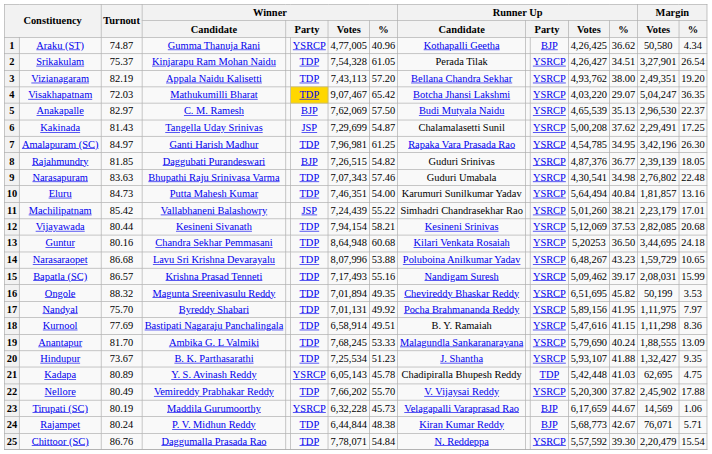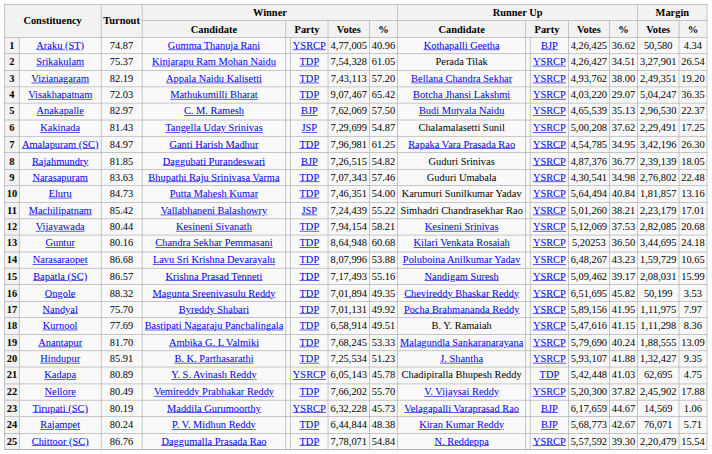 <table class="wikitable sortable" style="text-align:center;">
 <tr>
 <th colspan="2" rowspan="2">Constituency</th>
 <th rowspan="2">Turnout</th>
 <th colspan="5">Winner</th>
 <th colspan="5">Runner Up</th>
 <th colspan="2">Margin</th>
 </tr>
 <tr>
 <th>Candidate</th>
 <th colspan="2">Party</th>
 <th>Votes</th>
 <th>%</th>
 <th>Candidate</th>
 <th colspan="2">Party</th>
 <th>Votes</th>
 <th>%</th>
 <th>Votes</th>
 <th>%</th>
 </tr>
 <tr>
 <th>1</th>
 <td><a href='#'>Araku (ST)</a></td>
 <td>74.87 </td>
 <td><a href='#'>Gumma Thanuja Rani</a></td>
 <td></td>
 <td><a href='#'>YSRCP</a></td>
 <td>4,77,005</td>
 <td>40.96</td>
 <td><a href='#'>Kothapalli Geetha</a></td>
 <td></td>
 <td><a href='#'>BJP</a></td>
 <td>4,26,425</td>
 <td>36.62</td>
 <td style="background:">50,580</td>
 <td style="background:">4.34</td>
 </tr>
 <tr>
 <th>2</th>
 <td><a href='#'>Srikakulam</a></td>
 <td>75.37 </td>
 <td><a href='#'>Kinjarapu Ram Mohan Naidu</a></td>
 <td></td>
 <td><a href='#'>TDP</a></td>
 <td>7,54,328</td>
 <td>61.05</td>
 <td>Perada Tilak</td>
 <td></td>
 <td><a href='#'>YSRCP</a></td>
 <td>4,26,427</td>
 <td>34.51</td>
 <td style="background:">3,27,901</td>
 <td style="background:">26.54</td>
 </tr>
 <tr>
 <th>3</th>
 <td><a href='#'>Vizianagaram</a></td>
 <td>82.19 </td>
 <td><a href='#'>Appala Naidu Kalisetti</a></td>
 <td></td>
 <td><a href='#'>TDP</a></td>
 <td>7,43,113</td>
 <td>57.20</td>
 <td><a href='#'>Bellana Chandra Sekhar</a></td>
 <td></td>
 <td><a href='#'>YSRCP</a></td>
 <td>4,93,762</td>
 <td>38.00</td>
 <td style="background:">2,49,351</td>
 <td style="background:">19.20</td>
 </tr>
 <tr>
 <th>4</th>
 <td><a href='#'>Visakhapatnam</a></td>
 <td>72.03 </td>
 <td><a href='#'>Mathukumilli Bharat</a></td>
 <td></td>
-<td style="background: gold;"><a href='#'>TDP</a></td>
+<td><a href='#'>TDP</a></td>
 <td>9,07,467</td>
 <td>65.42</td>
 <td><a href='#'>Botcha Jhansi Lakshmi</a></td>
 <td></td>
 <td><a href='#'>YSRCP</a></td>
 <td>4,03,220</td>
 <td>29.07</td>
 <td style="background:">5,04,247</td>
 <td style="background:">36.35</td>
 </tr>
 <tr>
 <th>5</th>
 <td><a href='#'>Anakapalle</a></td>
 <td>82.97 </td>
 <td><a href='#'>C. M. Ramesh</a></td>
 <td></td>
 <td><a href='#'>BJP</a></td>
 <td>7,62,069</td>
 <td>57.50</td>
 <td><a href='#'>Budi Mutyala Naidu</a></td>
 <td></td>
 <td><a href='#'>YSRCP</a></td>
 <td>4,65,539</td>
 <td>35.13</td>
 <td style="background:">2,96,530</td>
 <td style="background:">22.37</td>
 </tr>
 <tr>
 <th>6</th>
 <td><a href='#'>Kakinada</a></td>
 <td>81.43 </td>
 <td><a href='#'>Tangella Uday Srinivas</a></td>
 <td></td>
 <td><a href='#'>JSP</a></td>
 <td>7,29,699</td>
 <td>54.87</td>
 <td>Chalamalasetti Sunil</td>
 <td></td>
 <td><a href='#'>YSRCP</a></td>
 <td>5,00,208</td>
 <td>37.62</td>
 <td style="background:">2,29,491</td>
 <td style="background:">17.25</td>
 </tr>
 <tr>
 <th>7</th>
 <td><a href='#'>Amalapuram (SC)</a></td>
 <td>84.97 </td>
 <td><a href='#'>Ganti Harish Madhur</a></td>
 <td></td>
 <td><a href='#'>TDP</a></td>
 <td>7,96,981</td>
 <td>61.25</td>
 <td><a href='#'>Rapaka Vara Prasada Rao</a></td>
 <td></td>
 <td><a href='#'>YSRCP</a></td>
 <td>4,54,785</td>
 <td>34.95</td>
 <td style="background:">3,42,196</td>
 <td style="background:">26.30</td>
 </tr>
 <tr>
 <th>8</th>
 <td><a href='#'>Rajahmundry</a></td>
 <td>81.85 </td>
 <td><a href='#'>Daggubati Purandeswari</a></td>
 <td></td>
 <td><a href='#'>BJP</a></td>
 <td>7,26,515</td>
 <td>54.82</td>
 <td>Guduri Srinivas</td>
 <td></td>
 <td><a href='#'>YSRCP</a></td>
 <td>4,87,376</td>
 <td>36.77</td>
 <td style="background:">2,39,139</td>
 <td style="background:">18.05</td>
 </tr>
 <tr>
 <th>9</th>
 <td><a href='#'>Narasapuram</a></td>
 <td>83.63 </td>
 <td><a href='#'>Bhupathi Raju Srinivasa Varma</a></td>
 <td></td>
 <td><a href='#'>TDP</a></td>
 <td>7,07,343</td>
 <td>57.46</td>
 <td>Guduri Umabala</td>
 <td></td>
 <td><a href='#'>YSRCP</a></td>
 <td>4,30,541</td>
 <td>34.98</td>
 <td style="background:">2,76,802</td>
 <td style="background:">22.48</td>
 </tr>
 <tr>
 <th>10</th>
 <td><a href='#'>Eluru</a></td>
 <td>84.73 </td>
 <td><a href='#'>Putta Mahesh Kumar</a></td>
 <td></td>
 <td><a href='#'>TDP</a></td>
 <td>7,46,351</td>
 <td>54.00</td>
 <td>Karumuri Sunilkumar Yadav</td>
 <td></td>
 <td><a href='#'>YSRCP</a></td>
 <td>5,64,494</td>
 <td>40.84</td>
 <td style="background:">1,81,857</td>
 <td style="background:">13.16</td>
 </tr>
 <tr>
 <th>11</th>
 <td><a href='#'>Machilipatnam</a></td>
 <td>85.42 </td>
 <td><a href='#'>Vallabhaneni Balashowry</a></td>
 <td></td>
 <td><a href='#'>JSP</a></td>
 <td>7,24,439</td>
 <td>55.22</td>
 <td>Simhadri Chandrasekhar Rao</td>
 <td></td>
 <td><a href='#'>YSRCP</a></td>
 <td>5,01,260</td>
 <td>38.21</td>
 <td style="background:">2,23,179</td>
 <td style="background:">17.01</td>
 </tr>
 <tr>
 <th>12</th>
 <td><a href='#'>Vijayawada</a></td>
 <td>80.44 </td>
 <td><a href='#'>Kesineni Sivanath</a></td>
 <td></td>
 <td><a href='#'>TDP</a></td>
 <td>7,94,154</td>
 <td>58.21</td>
 <td><a href='#'>Kesineni Srinivas</a></td>
 <td></td>
 <td><a href='#'>YSRCP</a></td>
 <td>5,12,069</td>
 <td>37.53</td>
 <td style="background:">2,82,085</td>
 <td style="background:">20.68</td>
 </tr>
 <tr>
 <th>13</th>
 <td><a href='#'>Guntur</a></td>
 <td>80.16 </td>
 <td><a href='#'>Chandra Sekhar Pemmasani</a></td>
 <td></td>
 <td><a href='#'>TDP</a></td>
 <td>8,64,948</td>
 <td>60.68</td>
 <td><a href='#'>Kilari Venkata Rosaiah</a></td>
 <td></td>
 <td><a href='#'>YSRCP</a></td>
 <td>5,20253</td>
 <td>36.50</td>
 <td style="background:">3,44,695</td>
 <td style="background:">24.18</td>
 </tr>
 <tr>
 <th>14</th>
 <td><a href='#'>Narasaraopet</a></td>
 <td>86.68 </td>
 <td><a href='#'>Lavu Sri Krishna Devarayalu</a></td>
 <td></td>
 <td><a href='#'>TDP</a></td>
 <td>8,07,996</td>
 <td>53.88</td>
 <td><a href='#'>Poluboina Anilkumar Yadav</a></td>
 <td></td>
 <td><a href='#'>YSRCP</a></td>
 <td>6,48,267</td>
 <td>43.23</td>
 <td style="background:">1,59,729</td>
 <td style="background:">10.65</td>
 </tr>
 <tr>
 <th>15</th>
 <td><a href='#'>Bapatla (SC)</a></td>
 <td>86.57 </td>
 <td><a href='#'>Krishna Prasad Tenneti</a></td>
 <td></td>
 <td><a href='#'>TDP</a></td>
 <td>7,17,493</td>
 <td>55.16</td>
 <td><a href='#'>Nandigam Suresh</a></td>
 <td></td>
 <td><a href='#'>YSRCP</a></td>
 <td>5,09,462</td>
 <td>39.17</td>
 <td style="background:">2,08,031</td>
 <td style="background:">15.99</td>
 </tr>
 <tr>
 <th>16</th>
 <td><a href='#'>Ongole</a></td>
 <td>88.32 </td>
 <td><a href='#'>Magunta Sreenivasulu Reddy</a></td>
 <td></td>
 <td><a href='#'>TDP</a></td>
 <td>7,01,894</td>
 <td>49.35</td>
 <td><a href='#'>Chevireddy Bhaskar Reddy</a></td>
 <td></td>
 <td><a href='#'>YSRCP</a></td>
 <td>6,51,695</td>
 <td>45.82</td>
 <td style="background:">50,199</td>
 <td style="background:">3.53</td>
 </tr>
 <tr>
 <th>17</th>
 <td><a href='#'>Nandyal</a></td>
 <td>75.70 </td>
 <td><a href='#'>Byreddy Shabari</a></td>
 <td></td>
 <td><a href='#'>TDP</a></td>
 <td>7,01,131</td>
 <td>49.92</td>
 <td><a href='#'>Pocha Brahmananda Reddy</a></td>
 <td></td>
 <td><a href='#'>YSRCP</a></td>
 <td>5,89,156</td>
 <td>41.95</td>
 <td style="background:">1,11,975</td>
 <td style="background:">7.97</td>
 </tr>
 <tr>
 <th>18</th>
 <td><a href='#'>Kurnool</a></td>
 <td>77.69 </td>
 <td><a href='#'>Bastipati Nagaraju Panchalingala</a></td>
 <td></td>
 <td><a href='#'>TDP</a></td>
 <td>6,58,914</td>
 <td>49.51</td>
 <td>B. Y. Ramaiah</td>
 <td></td>
 <td><a href='#'>YSRCP</a></td>
 <td>5,47,616</td>
 <td>41.15</td>
 <td style="background:">1,11,298</td>
 <td style="background:">8.36</td>
 </tr>
 <tr>
 <th>19</th>
 <td><a href='#'>Anantapur</a></td>
 <td>81.70 </td>
 <td><a href='#'>Ambika G. L Valmiki</a></td>
 <td></td>
 <td><a href='#'>TDP</a></td>
 <td>7,68,245</td>
 <td>53.33</td>
 <td><a href='#'>Malagundla Sankaranarayana</a></td>
 <td></td>
 <td><a href='#'>YSRCP</a></td>
 <td>5,79,690</td>
 <td>40.24</td>
 <td style="background:">1,88,555</td>
 <td style="background:">13.09</td>
 </tr>
 <tr>
 <th>20</th>
 <td><a href='#'>Hindupur</a></td>
-<td>73.67 </td>
+<td>85.91 </td>
 <td><a href='#'>B. K. Parthasarathi</a></td>
 <td></td>
 <td><a href='#'>TDP</a></td>
 <td>7,25,534</td>
 <td>51.23</td>
 <td><a href='#'>J. Shantha</a></td>
 <td></td>
 <td><a href='#'>YSRCP</a></td>
 <td>5,93,107</td>
 <td>41.88</td>
 <td style="background:">1,32,427</td>
 <td style="background:">9.35</td>
 </tr>
 <tr>
 <th>21</th>
 <td><a href='#'>Kadapa</a></td>
 <td>80.89 </td>
 <td><a href='#'>Y. S. Avinash Reddy</a></td>
 <td></td>
 <td><a href='#'>YSRCP</a></td>
 <td>6,05,143</td>
 <td>45.78</td>
 <td>Chadipiralla Bhupesh Reddy</td>
 <td></td>
 <td><a href='#'>TDP</a></td>
 <td>5,42,448</td>
 <td>41.03</td>
 <td style="background:">62,695</td>
 <td style="background:">4.75</td>
 </tr>
 <tr>
 <th>22</th>
 <td><a href='#'>Nellore</a></td>
 <td>80.49 </td>
 <td><a href='#'>Vemireddy Prabhakar Reddy</a></td>
 <td></td>
 <td><a href='#'>TDP</a></td>
 <td>7,66,202</td>
 <td>55.70</td>
 <td><a href='#'>V. Vijaysai Reddy</a></td>
 <td></td>
 <td><a href='#'>YSRCP</a></td>
 <td>5,20,300</td>
 <td>37.82</td>
 <td style="background:">2,45,902</td>
 <td style="background:">17.88</td>
 </tr>
 <tr>
 <th>23</th>
 <td><a href='#'>Tirupati (SC)</a></td>
 <td>80.19 </td>
 <td><a href='#'>Maddila Gurumoorthy</a></td>
 <td></td>
 <td><a href='#'>YSRCP</a></td>
 <td>6,32,228</td>
 <td>45.73</td>
 <td><a href='#'>Velagapalli Varaprasad Rao</a></td>
 <td></td>
 <td><a href='#'>BJP</a></td>
 <td>6,17,659</td>
 <td>44.67</td>
 <td style="background:">14,569</td>
 <td style="background:">1.06</td>
 </tr>
 <tr>
 <th>24</th>
 <td><a href='#'>Rajampet</a></td>
 <td>80.24 </td>
 <td><a href='#'>P. V. Midhun Reddy</a></td>
 <td></td>
 <td><a href='#'>TDP</a></td>
 <td>6,44,844</td>
 <td>48.38</td>
 <td><a href='#'>Kiran Kumar Reddy</a></td>
 <td></td>
 <td><a href='#'>BJP</a></td>
 <td>5,68,773</td>
 <td>42.67</td>
 <td style="background:">76,071</td>
 <td style="background:">5.71</td>
 </tr>
 <tr>
 <th>25</th>
 <td><a href='#'>Chittoor (SC)</a></td>
 <td>86.76 </td>
 <td><a href='#'>Daggumalla Prasada Rao</a></td>
 <td></td>
 <td><a href='#'>TDP</a></td>
 <td>7,78,071</td>
 <td>54.84</td>
 <td><a href='#'>N. Reddeppa</a></td>
 <td></td>
 <td><a href='#'>YSRCP</a></td>
 <td>5,57,592</td>
 <td>39.30</td>
 <td style="background:">2,20,479</td>
 <td style="background:">15.54</td>
 </tr>
 <tr>
 </tr>
 </table>
